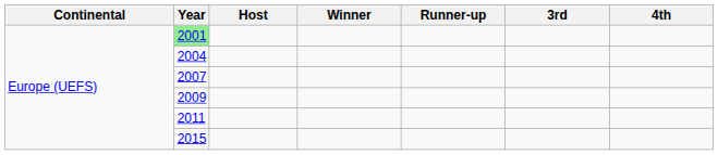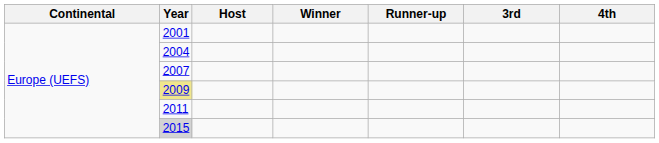 <table class="wikitable">
 <tr>
 <th width=200>Continental</th>
 <th>Year</th>
 <th width=100>Host</th>
 <th width=120>Winner </th>
 <th width=120>Runner-up </th>
 <th width=120>3rd </th>
 <th width=120>4th</th>
 </tr>
 <tr>
 <td rowspan=6><a href='#'>Europe (UEFS)</a></td>
-<td style="background: lightgreen;"><a href='#'>2001</a></td>
+<td><a href='#'>2001</a></td>
 <td></td>
 <td></td>
 <td></td>
 <td></td>
 </tr>
 <tr>
 <td><a href='#'>2004</a></td>
 <td></td>
 <td></td>
 <td></td>
 <td></td>
 <td></td>
 </tr>
 <tr>
 <td><a href='#'>2007</a></td>
 <td></td>
 <td></td>
 <td></td>
 <td></td>
 <td></td>
 </tr>
 <tr>
-<td><a href='#'>2009</a></td>
+<td style="background: khaki;"><a href='#'>2009</a></td>
 <td></td>
 <td></td>
 <td></td>
 <td></td>
 <td></td>
 </tr>
 <tr>
 <td><a href='#'>2011</a></td>
 <td></td>
 <td></td>
 <td></td>
 <td></td>
 <td></td>
 </tr>
 <tr>
-<td><a href='#'>2015</a></td>
+<td style="background: lightgrey;"><a href='#'>2015</a></td>
 <td></td>
 <td></td>
 <td></td>
 <td></td>
 <td></td>
 </tr>
 </table>
